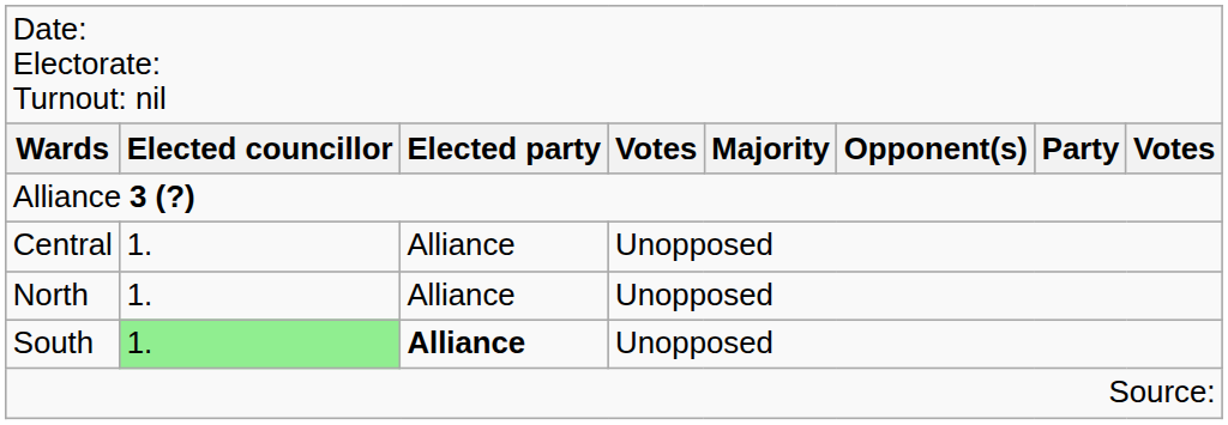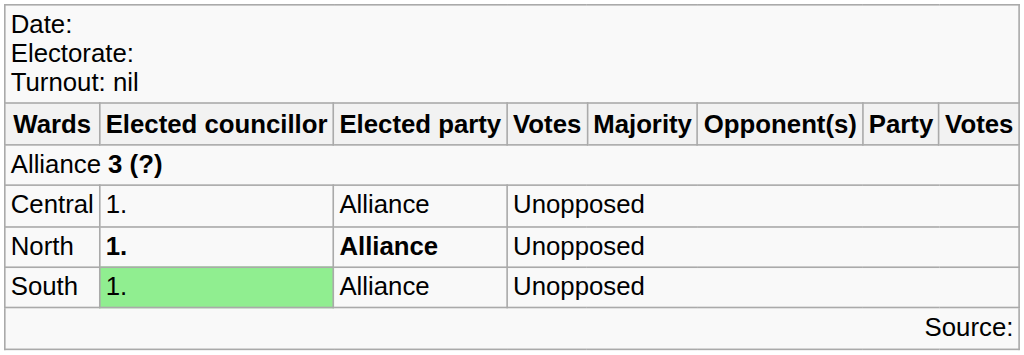 <table class=wikitable>
 <tr>
 <td colspan=8>Date: <br>Electorate: <br>Turnout: nil</td>
 </tr>
 <tr>
 <th>Wards</th>
 <th>Elected councillor</th>
 <th>Elected party</th>
 <th>Votes</th>
 <th>Majority</th>
 <th>Opponent(s)</th>
 <th>Party</th>
 <th>Votes</th>
 </tr>
 <tr>
 <td colspan=8>Alliance <strong>3 (?)</strong> </td>
 </tr>
 <tr>
 <td>Central</td>
 <td>1.</td>
 <td>Alliance</td>
 <td colspan=5>Unopposed</td>
 </tr>
 <tr>
 <td>North</td>
-<td>1.</td>
-<td>Alliance</td>
+<td><strong>1.</strong></td>
+<td><strong>Alliance</strong></td>
 <td colspan=5>Unopposed</td>
 </tr>
 <tr>
 <td>South</td>
 <td style="background: lightgreen;">1.</td>
-<td><strong>Alliance</strong></td>
+<td>Alliance</td>
 <td colspan=5>Unopposed</td>
 </tr>
 <tr>
 <td colspan="8" style="text-align:right;">Source: </td>
 </tr>
 </table>
